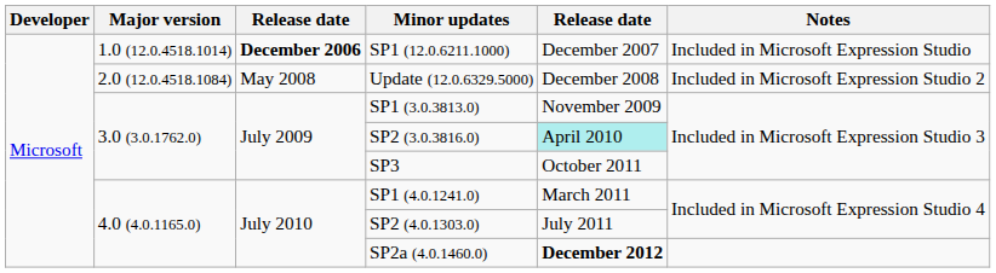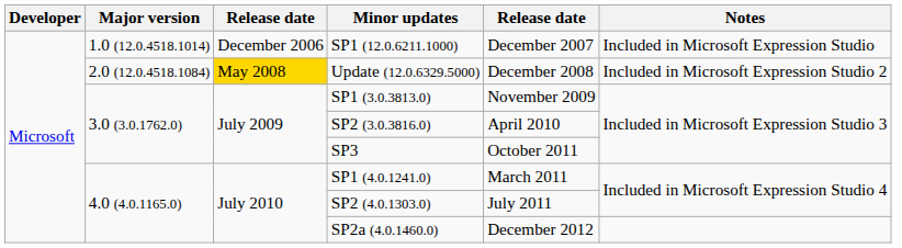 <table class="wikitable">
 <tr>
 <th scope="col" class="unsortable">Developer</th>
 <th>Major version</th>
 <th scope="col" class="unsortable">Release date</th>
 <th scope="col" class="unsortable">Minor updates</th>
 <th scope="col" class="unsortable">Release date</th>
 <th scope="col" class="unsortable">Notes</th>
 </tr>
 <tr>
 <td rowspan="8"><a href='#'>Microsoft</a></td>
 <td>1.0 <small>(12.0.4518.1014)</small></td>
-<td><strong>December 2006</strong></td>
+<td>December 2006</td>
 <td>SP1 <small>(12.0.6211.1000)</small></td>
 <td>December 2007</td>
 <td>Included in Microsoft Expression Studio</td>
 </tr>
 <tr>
 <td>2.0 <small>(12.0.4518.1084)</small></td>
-<td>May 2008</td>
+<td style="background: gold;">May 2008</td>
 <td>Update <small>(12.0.6329.5000)</small></td>
 <td>December 2008</td>
 <td>Included in Microsoft Expression Studio 2</td>
 </tr>
 <tr>
 <td rowspan="3">3.0 <small>(3.0.1762.0)</small></td>
 <td rowspan="3">July 2009</td>
 <td>SP1 <small>(3.0.3813.0)</small></td>
 <td>November 2009</td>
 <td rowspan="3">Included in Microsoft Expression Studio 3</td>
 </tr>
 <tr>
 <td>SP2 <small>(3.0.3816.0)</small></td>
-<td style="background: paleturquoise;">April 2010</td>
+<td>April 2010</td>
 </tr>
 <tr>
 <td>SP3</td>
 <td>October 2011</td>
 </tr>
 <tr>
 <td rowspan="3">4.0 <small>(4.0.1165.0)</small></td>
 <td rowspan="3">July 2010</td>
 <td>SP1 <small>(4.0.1241.0)</small></td>
 <td>March 2011</td>
 <td rowspan="2">Included in Microsoft Expression Studio 4</td>
 </tr>
 <tr>
 <td>SP2 <small>(4.0.1303.0)</small></td>
 <td>July 2011</td>
 </tr>
 <tr>
 <td>SP2a <small>(4.0.1460.0)</small></td>
-<td><strong>December 2012</strong></td>
+<td>December 2012</td>
 <td></td>
 </tr>
 </table>
